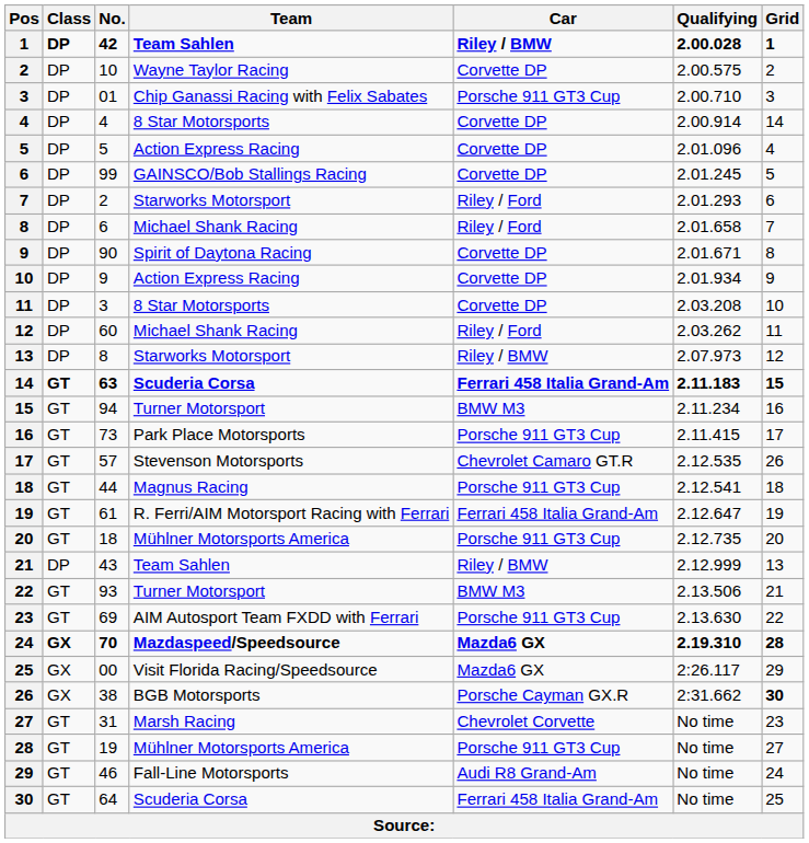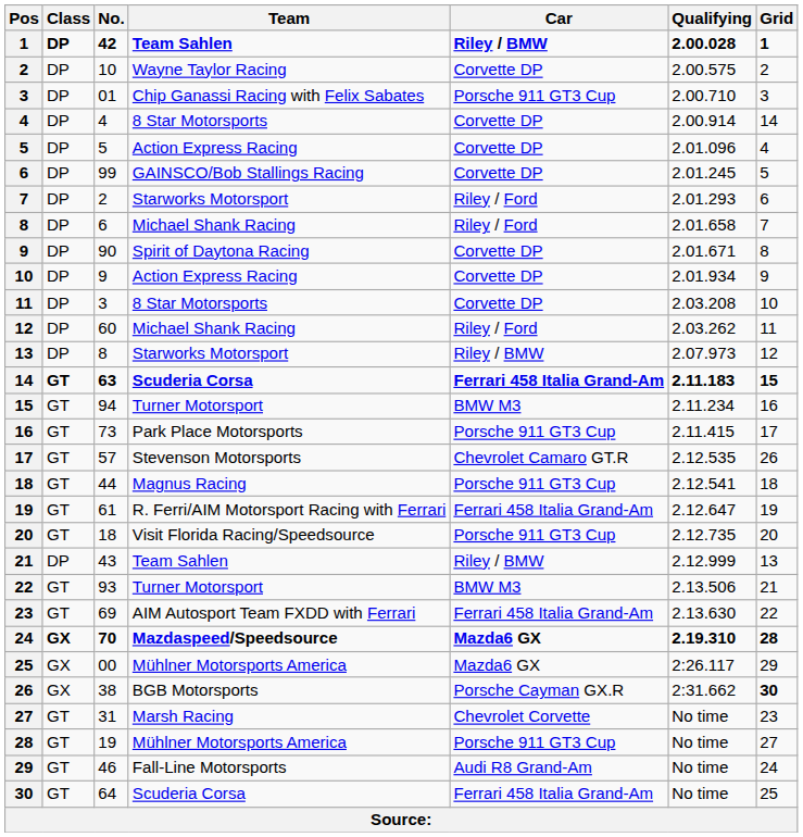 <table class="wikitable" style="font-size: 85%;">
 <tr>
 <th>Pos</th>
 <th>Class</th>
 <th>No.</th>
 <th>Team</th>
 <th>Car</th>
 <th>Qualifying</th>
 <th>Grid</th>
 </tr>
 <tr>
 <th>1</th>
 <td><strong>DP</strong></td>
 <td><strong>42</strong></td>
 <td><a href='#'><strong>Team Sahlen</strong></a></td>
 <td><strong><a href='#'>Riley</a> / <a href='#'>BMW</a></strong></td>
 <td><strong>2.00.028</strong></td>
 <td><strong>1</strong></td>
 </tr>
 <tr>
 <th>2</th>
 <td>DP</td>
 <td>10</td>
 <td><a href='#'>Wayne Taylor Racing</a></td>
 <td><a href='#'>Corvette DP</a></td>
 <td>2.00.575</td>
 <td>2</td>
 </tr>
 <tr>
 <th>3</th>
 <td>DP</td>
 <td>01</td>
 <td><a href='#'>Chip Ganassi Racing</a> with <a href='#'>Felix Sabates</a></td>
 <td><a href='#'>Porsche 911 GT3 Cup</a></td>
 <td>2.00.710</td>
 <td>3</td>
 </tr>
 <tr>
 <th>4</th>
 <td>DP</td>
 <td>4</td>
 <td><a href='#'>8 Star Motorsports</a></td>
 <td><a href='#'>Corvette DP</a></td>
 <td>2.00.914</td>
 <td>14</td>
 </tr>
 <tr>
 <th>5</th>
 <td>DP</td>
 <td>5</td>
 <td><a href='#'>Action Express Racing</a></td>
 <td><a href='#'>Corvette DP</a></td>
 <td>2.01.096</td>
 <td>4</td>
 </tr>
 <tr>
 <th>6</th>
 <td>DP</td>
 <td>99</td>
 <td><a href='#'>GAINSCO/Bob Stallings Racing</a></td>
 <td><a href='#'>Corvette DP</a></td>
 <td>2.01.245</td>
 <td>5</td>
 </tr>
 <tr>
 <th>7</th>
 <td>DP</td>
 <td>2</td>
 <td><a href='#'>Starworks Motorsport</a></td>
 <td><a href='#'>Riley</a> / <a href='#'>Ford</a></td>
 <td>2.01.293</td>
 <td>6</td>
 </tr>
 <tr>
 <th>8</th>
 <td>DP</td>
 <td>6</td>
 <td><a href='#'>Michael Shank Racing</a></td>
 <td><a href='#'>Riley</a> / <a href='#'>Ford</a></td>
 <td>2.01.658</td>
 <td>7</td>
 </tr>
 <tr>
 <th>9</th>
 <td>DP</td>
 <td>90</td>
 <td><a href='#'>Spirit of Daytona Racing</a></td>
 <td><a href='#'>Corvette DP</a></td>
 <td>2.01.671</td>
 <td>8</td>
 </tr>
 <tr>
 <th>10</th>
 <td>DP</td>
 <td>9</td>
 <td><a href='#'>Action Express Racing</a></td>
 <td><a href='#'>Corvette DP</a></td>
 <td>2.01.934</td>
 <td>9</td>
 </tr>
 <tr>
 <th>11</th>
 <td>DP</td>
 <td>3</td>
 <td><a href='#'>8 Star Motorsports</a></td>
 <td><a href='#'>Corvette DP</a></td>
 <td>2.03.208</td>
 <td>10</td>
 </tr>
 <tr>
 <th>12</th>
 <td>DP</td>
 <td>60</td>
 <td><a href='#'>Michael Shank Racing</a></td>
 <td><a href='#'>Riley</a> / <a href='#'>Ford</a></td>
 <td>2.03.262</td>
 <td>11</td>
 </tr>
 <tr>
 <th>13</th>
 <td>DP</td>
 <td>8</td>
 <td><a href='#'>Starworks Motorsport</a></td>
 <td><a href='#'>Riley</a> / <a href='#'>BMW</a></td>
 <td>2.07.973</td>
 <td>12</td>
 </tr>
 <tr>
 <th>14</th>
 <td><strong>GT</strong></td>
 <td><strong>63</strong></td>
 <td><strong><a href='#'>Scuderia Corsa</a></strong></td>
 <td><a href='#'><strong>Ferrari 458 Italia Grand-Am</strong></a></td>
 <td><strong>2.11.183</strong></td>
 <td><strong>15</strong></td>
 </tr>
 <tr>
 <th>15</th>
 <td>GT</td>
 <td>94</td>
 <td><a href='#'>Turner Motorsport</a></td>
 <td><a href='#'>BMW M3</a></td>
 <td>2.11.234</td>
 <td>16</td>
 </tr>
 <tr>
 <th>16</th>
 <td>GT</td>
 <td>73</td>
 <td>Park Place Motorsports</td>
 <td><a href='#'>Porsche 911 GT3 Cup</a></td>
 <td>2.11.415</td>
 <td>17</td>
 </tr>
 <tr>
 <th>17</th>
 <td>GT</td>
 <td>57</td>
 <td>Stevenson Motorsports</td>
 <td><a href='#'>Chevrolet Camaro</a> GT.R</td>
 <td>2.12.535</td>
 <td>26</td>
 </tr>
 <tr>
 <th>18</th>
 <td>GT</td>
 <td>44</td>
 <td><a href='#'>Magnus Racing</a></td>
 <td><a href='#'>Porsche 911 GT3 Cup</a></td>
 <td>2.12.541</td>
 <td>18</td>
 </tr>
 <tr>
 <th>19</th>
 <td>GT</td>
 <td>61</td>
 <td>R. Ferri/AIM Motorsport Racing with <a href='#'>Ferrari</a></td>
 <td><a href='#'>Ferrari 458 Italia Grand-Am</a></td>
 <td>2.12.647</td>
 <td>19</td>
 </tr>
 <tr>
 <th>20</th>
 <td>GT</td>
 <td>18</td>
-<td><a href='#'>Mühlner Motorsports America</a></td>
+<td>Visit Florida Racing/Speedsource</td>
 <td><a href='#'>Porsche 911 GT3 Cup</a></td>
 <td>2.12.735</td>
 <td>20</td>
 </tr>
 <tr>
 <th>21</th>
 <td>DP</td>
 <td>43</td>
 <td><a href='#'>Team Sahlen</a></td>
 <td><a href='#'>Riley</a> / <a href='#'>BMW</a></td>
 <td>2.12.999</td>
 <td>13</td>
 </tr>
 <tr>
 <th>22</th>
 <td>GT</td>
 <td>93</td>
 <td><a href='#'>Turner Motorsport</a></td>
 <td><a href='#'>BMW M3</a></td>
 <td>2.13.506</td>
 <td>21</td>
 </tr>
 <tr>
 <th>23</th>
 <td>GT</td>
 <td>69</td>
 <td>AIM Autosport Team FXDD with <a href='#'>Ferrari</a></td>
-<td><a href='#'>Porsche 911 GT3 Cup</a></td>
+<td><a href='#'>Ferrari 458 Italia Grand-Am</a></td>
 <td>2.13.630</td>
 <td>22</td>
 </tr>
 <tr>
 <th>24</th>
 <td><strong>GX</strong></td>
 <td><strong>70</strong></td>
 <td><strong><a href='#'>Mazdaspeed</a>/Speedsource</strong></td>
 <td><strong><a href='#'>Mazda6</a> GX</strong></td>
 <td><strong>2.19.310</strong></td>
 <td><strong>28</strong></td>
 </tr>
 <tr>
 <th>25</th>
 <td>GX</td>
 <td>00</td>
-<td>Visit Florida Racing/Speedsource</td>
+<td><a href='#'>Mühlner Motorsports America</a></td>
 <td><a href='#'>Mazda6</a> GX</td>
 <td>2:26.117</td>
 <td>29</td>
 </tr>
 <tr>
 <th>26</th>
 <td>GX</td>
 <td>38</td>
 <td>BGB Motorsports</td>
 <td><a href='#'>Porsche Cayman</a> GX.R</td>
 <td>2:31.662</td>
 <td><strong>30</strong></td>
 </tr>
 <tr>
 <th>27</th>
 <td>GT</td>
 <td>31</td>
 <td><a href='#'>Marsh Racing</a></td>
 <td><a href='#'>Chevrolet Corvette</a></td>
 <td>No time</td>
 <td>23</td>
 </tr>
 <tr>
 <th>28</th>
 <td>GT</td>
 <td>19</td>
 <td><a href='#'>Mühlner Motorsports America</a></td>
 <td><a href='#'>Porsche 911 GT3 Cup</a></td>
 <td>No time</td>
 <td>27</td>
 </tr>
 <tr>
 <th>29</th>
 <td>GT</td>
 <td>46</td>
 <td>Fall-Line Motorsports</td>
 <td><a href='#'>Audi R8 Grand-Am</a></td>
 <td>No time</td>
 <td>24</td>
 </tr>
 <tr>
 <th>30</th>
 <td>GT</td>
 <td>64</td>
 <td><a href='#'>Scuderia Corsa</a></td>
 <td><a href='#'>Ferrari 458 Italia Grand-Am</a></td>
 <td>No time</td>
 <td>25</td>
 </tr>
 <tr>
 <th colspan="7">Source:</th>
 </tr>
 </table>
